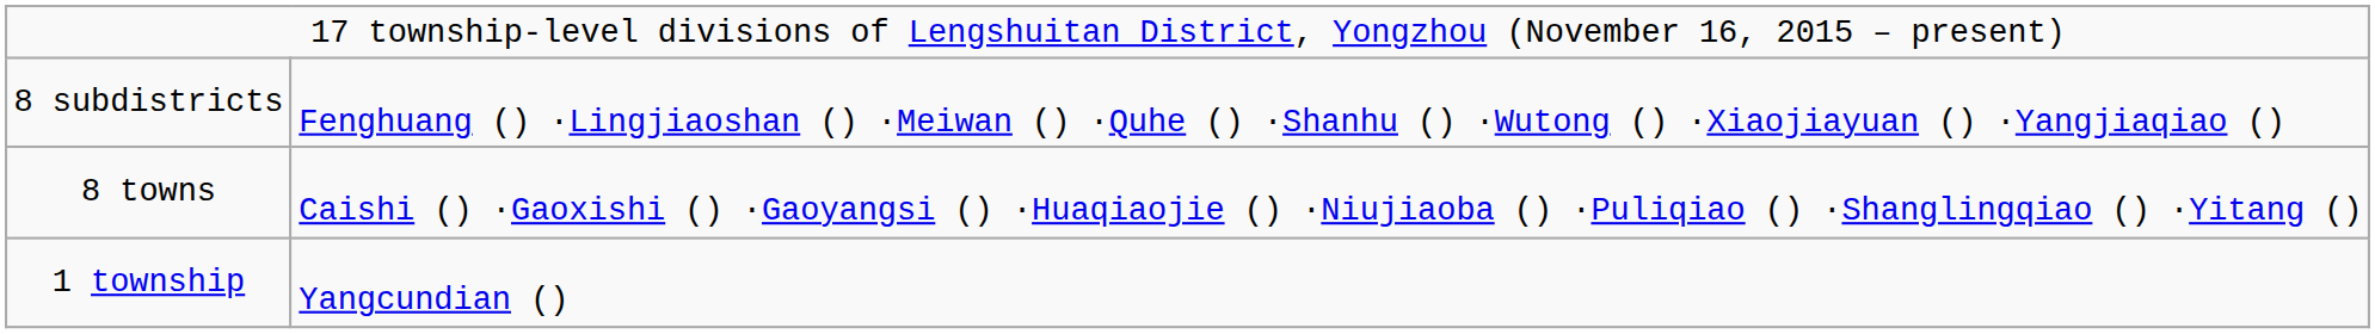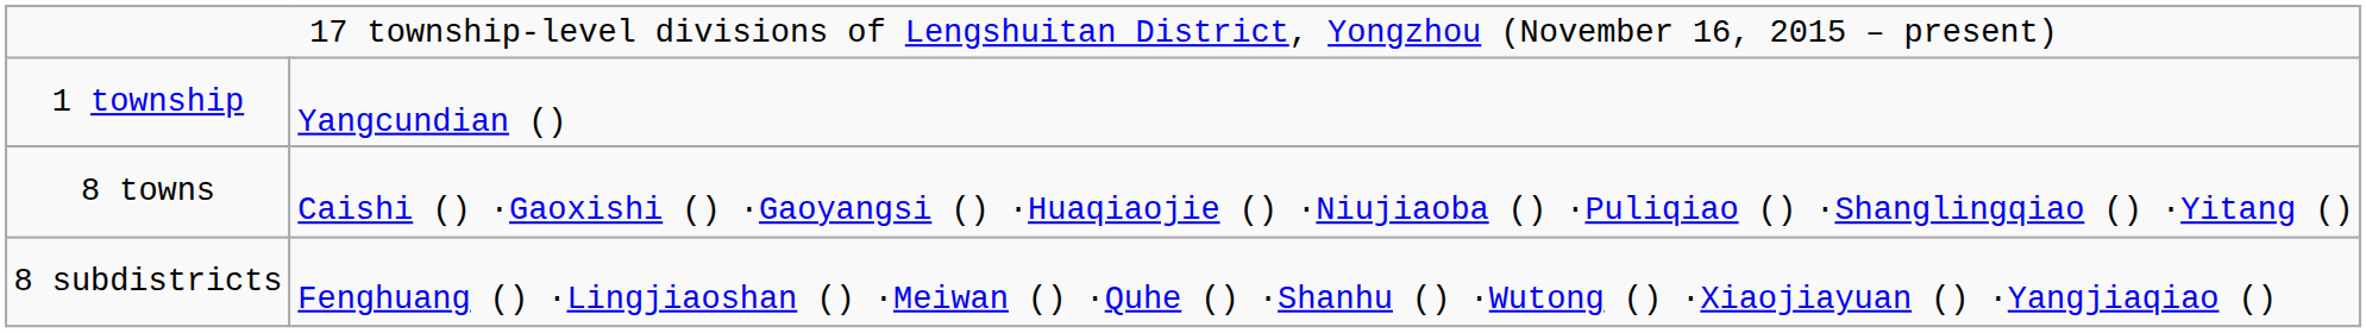 <table class="wikitable">
 <tr>
 <td style="text-align:center;" colspan="2">17 township-level divisions of <a href='#'>Lengshuitan District</a>, <a href='#'>Yongzhou</a> (November 16, 2015 – present)</td>
 </tr>
 <tr align=left>
-<td align=center>8 subdistricts</td>
-<td><br><a href='#'>Fenghuang</a> () ·<a href='#'>Lingjiaoshan</a> () ·<a href='#'>Meiwan</a> () ·<a href='#'>Quhe</a> () ·<a href='#'>Shanhu</a> () ·<a href='#'>Wutong</a> () ·<a href='#'>Xiaojiayuan</a> () ·<a href='#'>Yangjiaqiao</a> ()</td>
+<td align=center>1 <a href='#'>township</a></td>
+<td><br><a href='#'>Yangcundian</a> ()</td>
 </tr>
 <tr align=left>
 <td align=center>8 towns</td>
 <td><br><a href='#'>Caishi</a> () ·<a href='#'>Gaoxishi</a> () ·<a href='#'>Gaoyangsi</a> () ·<a href='#'>Huaqiaojie</a> () ·<a href='#'>Niujiaoba</a> () ·<a href='#'>Puliqiao</a> () ·<a href='#'>Shanglingqiao</a> () ·<a href='#'>Yitang</a> ()</td>
 </tr>
 <tr align=left>
-<td align=center>1 <a href='#'>township</a></td>
-<td><br><a href='#'>Yangcundian</a> ()</td>
+<td align=center>8 subdistricts</td>
+<td><br><a href='#'>Fenghuang</a> () ·<a href='#'>Lingjiaoshan</a> () ·<a href='#'>Meiwan</a> () ·<a href='#'>Quhe</a> () ·<a href='#'>Shanhu</a> () ·<a href='#'>Wutong</a> () ·<a href='#'>Xiaojiayuan</a> () ·<a href='#'>Yangjiaqiao</a> ()</td>
 </tr>
 </table>
